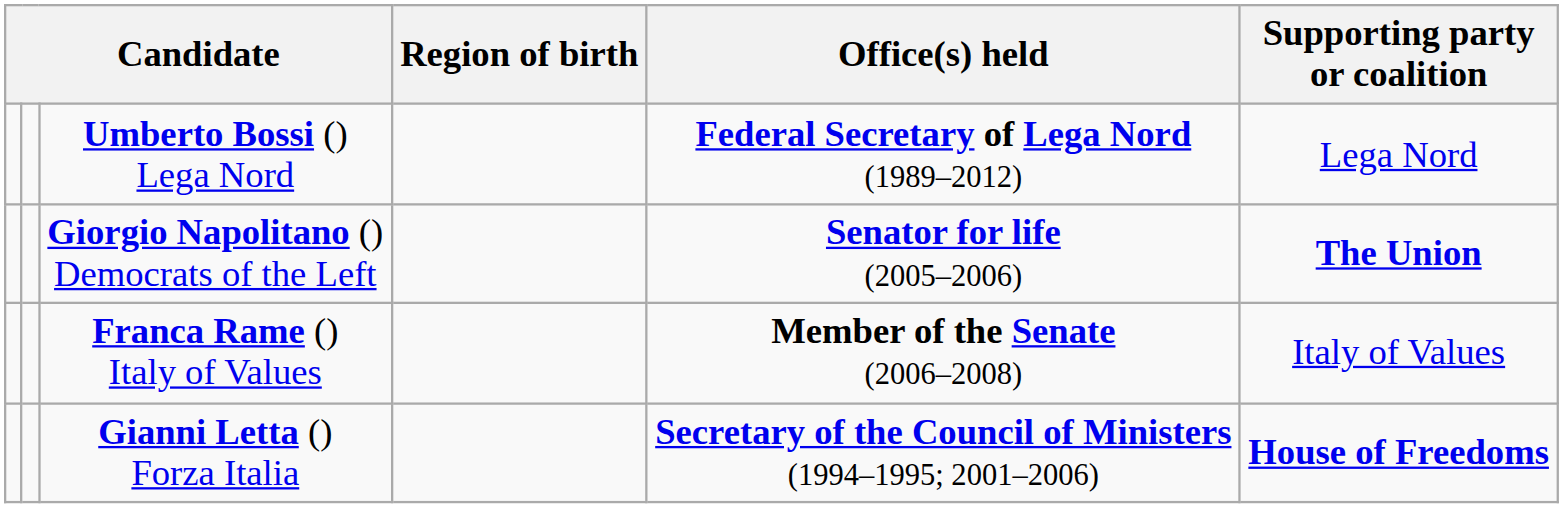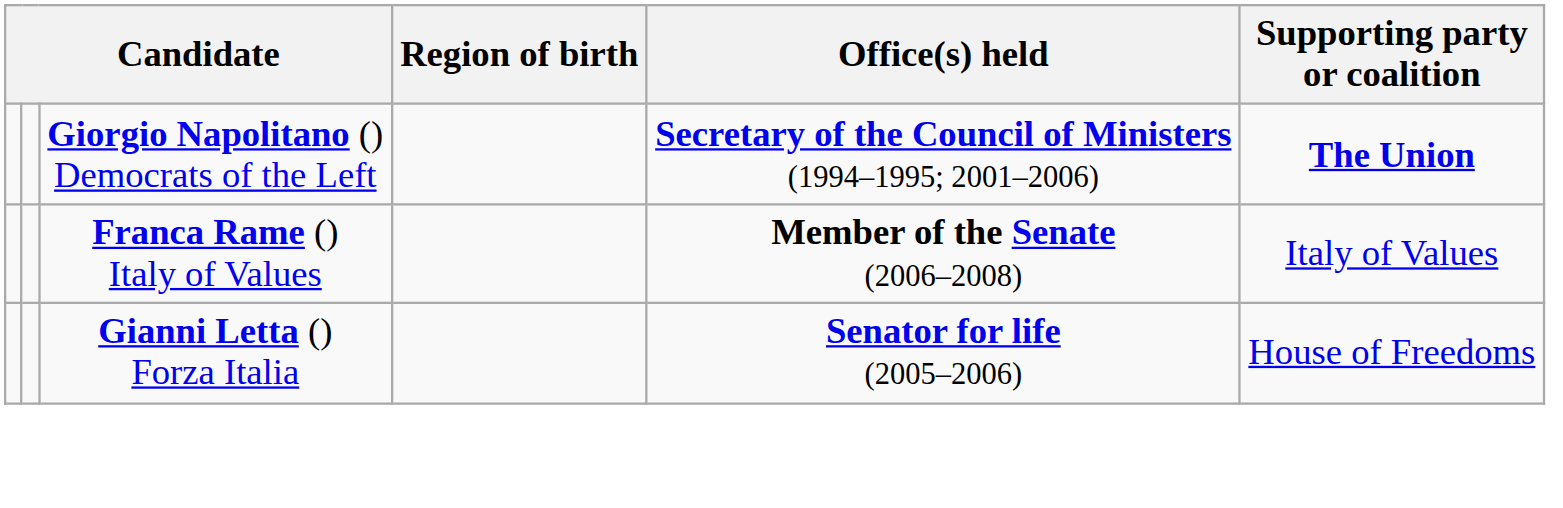 <table class="wikitable" style="text-align:center">
 <tr>
 <th colspan="3" style="width:;">Candidate</th>
 <th>Region of birth</th>
 <th>Office(s) held</th>
 <th>Supporting party <br> or coalition</th>
 </tr>
 <tr>
 <td style="background-color:"></td>
 <td></td>
-<td><strong><a href='#'>Umberto Bossi</a></strong> ()<br><a href='#'>Lega Nord</a></td>
-<td></td>
-<td><strong><a href='#'>Federal Secretary</a> of <a href='#'>Lega Nord</a></strong> <br><small>(1989–2012)</small><br></td>
-<td><a href='#'>Lega Nord</a></td>
-</tr>
-<tr>
-<td style="background-color:"></td>
-<td></td>
 <td><strong><a href='#'>Giorgio Napolitano</a></strong> ()<br><a href='#'>Democrats of the Left</a></td>
 <td></td>
-<td><strong><a href='#'>Senator for life</a></strong><br><small>(2005–2006)</small><br></td>
+<td><strong><a href='#'>Secretary of the Council of Ministers</a></strong><br><small>(1994–1995; 2001–2006)</small></td>
 <td><strong><a href='#'>The Union</a></strong></td>
 </tr>
 <tr>
 <td style="background-color:"></td>
 <td></td>
 <td><strong><a href='#'>Franca Rame</a></strong> ()<br><a href='#'>Italy of Values</a></td>
 <td></td>
 <td><strong>Member of the <a href='#'>Senate</a></strong><br><small>(2006–2008)</small></td>
 <td><a href='#'>Italy of Values</a></td>
 </tr>
 <tr>
 <td style="background-color:"></td>
 <td></td>
 <td><strong><a href='#'>Gianni Letta</a></strong> ()<br><a href='#'>Forza Italia</a></td>
 <td></td>
-<td><strong><a href='#'>Secretary of the Council of Ministers</a></strong><br><small>(1994–1995; 2001–2006)</small></td>
-<td><strong><a href='#'>House of Freedoms</a></strong></td>
+<td><strong><a href='#'>Senator for life</a></strong><br><small>(2005–2006)</small><br></td>
+<td><a href='#'>House of Freedoms</a></td>
 </tr>
 </table>
